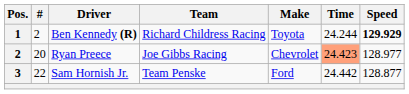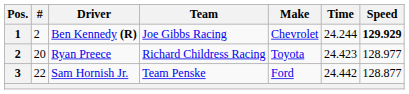 <table class="wikitable" style="font-size:95%">
 <tr>
 <th>Pos.</th>
 <th>#</th>
 <th>Driver</th>
 <th>Team</th>
 <th>Make</th>
 <th>Time</th>
 <th>Speed</th>
 </tr>
 <tr>
 <th>1</th>
 <td>2</td>
 <td><a href='#'>Ben Kennedy</a> <strong>(R)</strong></td>
-<td><a href='#'>Richard Childress Racing</a></td>
-<td><a href='#'>Toyota</a></td>
+<td><a href='#'>Joe Gibbs Racing</a></td>
+<td><a href='#'>Chevrolet</a></td>
 <td>24.244</td>
 <td><strong>129.929</strong></td>
 </tr>
 <tr>
 <th>2</th>
 <td>20</td>
 <td><a href='#'>Ryan Preece</a></td>
-<td><a href='#'>Joe Gibbs Racing</a></td>
-<td><a href='#'>Chevrolet</a></td>
-<td style="background: lightsalmon;">24.423</td>
+<td><a href='#'>Richard Childress Racing</a></td>
+<td><a href='#'>Toyota</a></td>
+<td>24.423</td>
 <td>128.977</td>
 </tr>
 <tr>
 <th>3</th>
 <td>22</td>
 <td><a href='#'>Sam Hornish Jr.</a></td>
 <td><a href='#'>Team Penske</a></td>
 <td><a href='#'>Ford</a></td>
 <td>24.442</td>
 <td>128.877</td>
 </tr>
 <tr>
 <th colspan="7"></th>
 </tr>
 </table>
